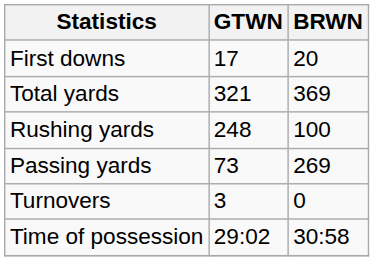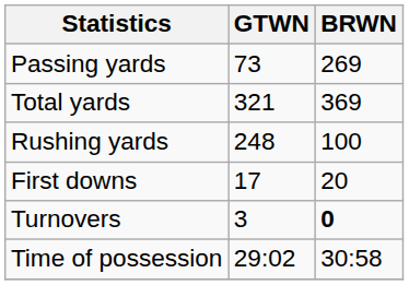 <table class="wikitable">
 <tr>
 <th>Statistics</th>
 <th>GTWN</th>
 <th>BRWN</th>
 </tr>
 <tr>
-<td>First downs</td>
-<td>17</td>
-<td>20</td>
+<td>Passing yards</td>
+<td>73</td>
+<td>269</td>
 </tr>
 <tr>
 <td>Total yards</td>
 <td>321</td>
 <td>369</td>
 </tr>
 <tr>
 <td>Rushing yards</td>
 <td>248</td>
 <td>100</td>
 </tr>
 <tr>
-<td>Passing yards</td>
-<td>73</td>
-<td>269</td>
+<td>First downs</td>
+<td>17</td>
+<td>20</td>
 </tr>
 <tr>
 <td>Turnovers</td>
 <td>3</td>
-<td>0</td>
+<td><strong>0</strong></td>
 </tr>
 <tr>
 <td>Time of possession</td>
 <td>29:02</td>
 <td>30:58</td>
 </tr>
 <tr>
 </tr>
 </table>
